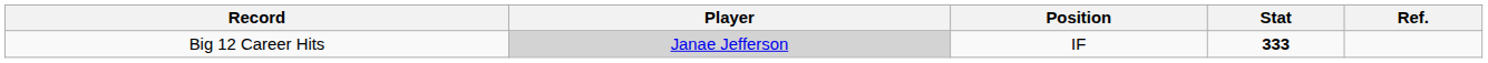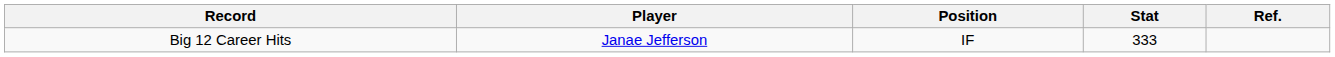 <table class="wikitable" style="width: 90%;text-align: center;">
 <tr>
 <th style=>Record</th>
 <th style=>Player</th>
 <th style=>Position</th>
 <th style=>Stat</th>
 <th style=>Ref.</th>
 </tr>
 <tr align="center">
 <td rowspan="4">Big 12 Career Hits</td>
-<td style="background: lightgrey;"><a href='#'>Janae Jefferson</a></td>
+<td><a href='#'>Janae Jefferson</a></td>
 <td>IF</td>
-<td><strong>333</strong></td>
+<td>333</td>
 <td></td>
 </tr>
 </table>
